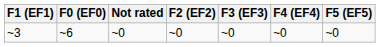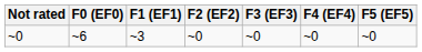 <table class="wikitable mw-collapsible">
 <tr>
+<th>Not rated</th>
+<th style="background-color:#">F0 (EF0)</th>
 <th style="background-color:#">F1 (EF1)</th>
-<th style="background-color:#">F0 (EF0)</th>
-<th>Not rated</th>
 <th style="background-color:#">F2 (EF2)</th>
 <th style="background-color:#">F3 (EF3)</th>
 <th style="background-color:#">F4 (EF4)</th>
 <th style="background-color:#">F5 (EF5)</th>
 </tr>
 <tr>
+<td>~0</td>
+<td>~6</td>
 <td>~3</td>
-<td>~6</td>
-<td>~0</td>
 <td>~0</td>
 <td>~0</td>
 <td>~0</td>
 <td>~0</td>
 </tr>
 </table>
